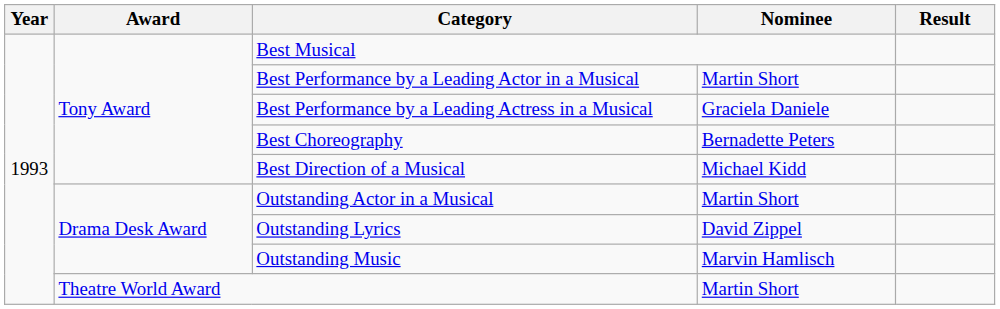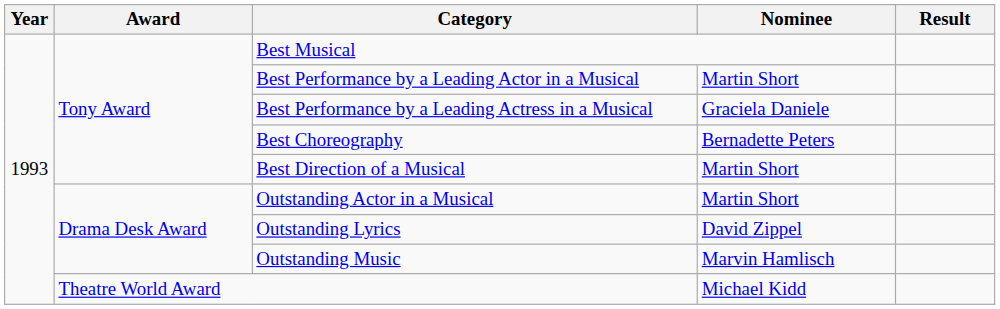 <table class="wikitable" width="95%">
 <tr>
 <th width="5%">Year</th>
 <th width="20%">Award</th>
 <th width="45%">Category</th>
 <th width="20%">Nominee</th>
 <th width="10%">Result</th>
 </tr>
 <tr>
 <td rowspan="9" align="center">1993</td>
 <td rowspan="5"><a href='#'>Tony Award</a></td>
 <td colspan="2"><a href='#'>Best Musical</a></td>
 <td></td>
 </tr>
 <tr>
 <td><a href='#'>Best Performance by a Leading Actor in a Musical</a></td>
 <td><a href='#'>Martin Short</a></td>
 <td></td>
 </tr>
 <tr>
 <td><a href='#'>Best Performance by a Leading Actress in a Musical</a></td>
 <td><a href='#'>Graciela Daniele</a></td>
 <td></td>
 </tr>
 <tr>
 <td><a href='#'>Best Choreography</a></td>
 <td><a href='#'>Bernadette Peters</a></td>
 <td></td>
 </tr>
 <tr>
 <td><a href='#'>Best Direction of a Musical</a></td>
-<td><a href='#'>Michael Kidd</a></td>
+<td><a href='#'>Martin Short</a></td>
 <td></td>
 </tr>
 <tr>
 <td rowspan="3"><a href='#'>Drama Desk Award</a></td>
 <td><a href='#'>Outstanding Actor in a Musical</a></td>
 <td><a href='#'>Martin Short</a></td>
 <td></td>
 </tr>
 <tr>
 <td><a href='#'>Outstanding Lyrics</a></td>
 <td><a href='#'>David Zippel</a></td>
 <td></td>
 </tr>
 <tr>
 <td><a href='#'>Outstanding Music</a></td>
 <td><a href='#'>Marvin Hamlisch</a></td>
 <td></td>
 </tr>
 <tr>
 <td colspan="2"><a href='#'>Theatre World Award</a></td>
-<td><a href='#'>Martin Short</a></td>
+<td><a href='#'>Michael Kidd</a></td>
 <td></td>
 </tr>
 </table>
